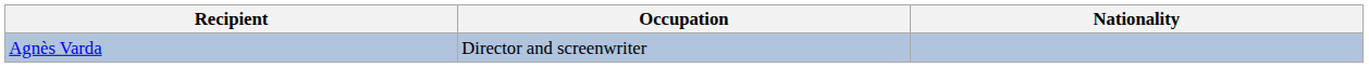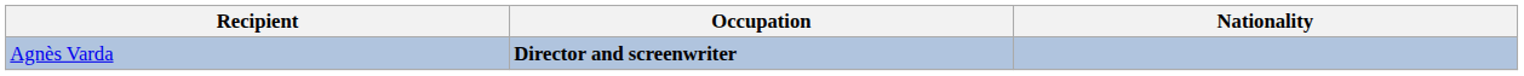 <table class="wikitable" width="95%" cellpadding="5">
 <tr>
 <th width="25%">Recipient</th>
 <th width="25%">Occupation</th>
 <th width="25%">Nationality</th>
 </tr>
 <tr style="background:#B0C4DE;">
 <td><a href='#'>Agnès Varda</a></td>
-<td>Director and screenwriter</td>
+<td><strong>Director and screenwriter</strong></td>
 <td></td>
 </tr>
 <tr>
 </tr>
 </table>
